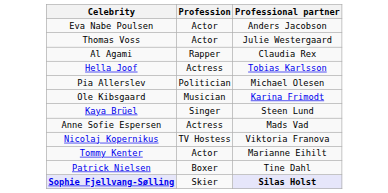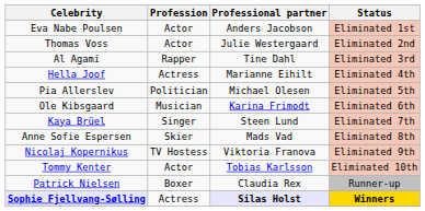 <table class= "wikitable sortable" style="text-align: center; margin:auto; align: center">
 <tr>
 <th>Celebrity</th>
 <th>Profession</th>
 <th>Professional partner</th>
+<th>Status</th>
 </tr>
 <tr>
 <td>Eva Nabe Poulsen</td>
 <td>Actor</td>
 <td>Anders Jacobson</td>
+<td style="background:#f4c7b8;">Eliminated 1st</td>
 </tr>
 <tr>
 <td>Thomas Voss</td>
 <td>Actor</td>
 <td>Julie Westergaard</td>
+<td style="background:#f4c7b8;">Eliminated 2nd</td>
 </tr>
 <tr>
 <td>Al Agami</td>
 <td>Rapper</td>
-<td>Claudia Rex</td>
+<td>Tine Dahl</td>
+<td style="background:#f4c7b8;">Eliminated 3rd</td>
 </tr>
 <tr>
 <td><a href='#'>Hella Joof</a></td>
 <td>Actress</td>
-<td><a href='#'>Tobias Karlsson</a></td>
+<td>Marianne Eihilt</td>
+<td style="background:#f4c7b8;">Eliminated 4th</td>
 </tr>
 <tr>
 <td>Pia Allerslev</td>
 <td>Politician</td>
 <td>Michael Olesen</td>
+<td style="background:#f4c7b8;">Eliminated 5th</td>
 </tr>
 <tr>
 <td>Ole Kibsgaard</td>
 <td>Musician</td>
 <td><a href='#'>Karina Frimodt</a></td>
+<td style="background:#f4c7b8;">Eliminated 6th</td>
 </tr>
 <tr>
 <td><a href='#'>Kaya Brüel</a></td>
 <td>Singer</td>
 <td>Steen Lund</td>
+<td style="background:#f4c7b8;">Eliminated 7th</td>
 </tr>
 <tr>
 <td>Anne Sofie Espersen</td>
-<td>Actress</td>
+<td>Skier</td>
 <td>Mads Vad</td>
+<td style="background:#f4c7b8;">Eliminated 8th</td>
 </tr>
 <tr>
 <td><a href='#'>Nicolaj Kopernikus</a></td>
 <td>TV Hostess</td>
 <td>Viktoria Franova</td>
+<td style="background:#f4c7b8;">Eliminated 9th</td>
 </tr>
 <tr>
 <td><a href='#'>Tommy Kenter</a></td>
 <td>Actor</td>
-<td>Marianne Eihilt</td>
+<td><a href='#'>Tobias Karlsson</a></td>
+<td style="background:#f4c7b8;">Eliminated 10th</td>
 </tr>
 <tr>
 <td><a href='#'>Patrick Nielsen</a></td>
 <td>Boxer</td>
-<td>Tine Dahl</td>
+<td>Claudia Rex</td>
+<td style="background:silver;">Runner-up</td>
 </tr>
 <tr>
 <td style="background:lavender;"><strong><a href='#'>Sophie Fjellvang-Sølling</a></strong></td>
-<td>Skier</td>
+<td>Actress</td>
 <td style="background:lavender;"><strong>Silas Holst</strong></td>
+<td style="background:gold;"><strong>Winners</strong></td>
 </tr>
 </table>
